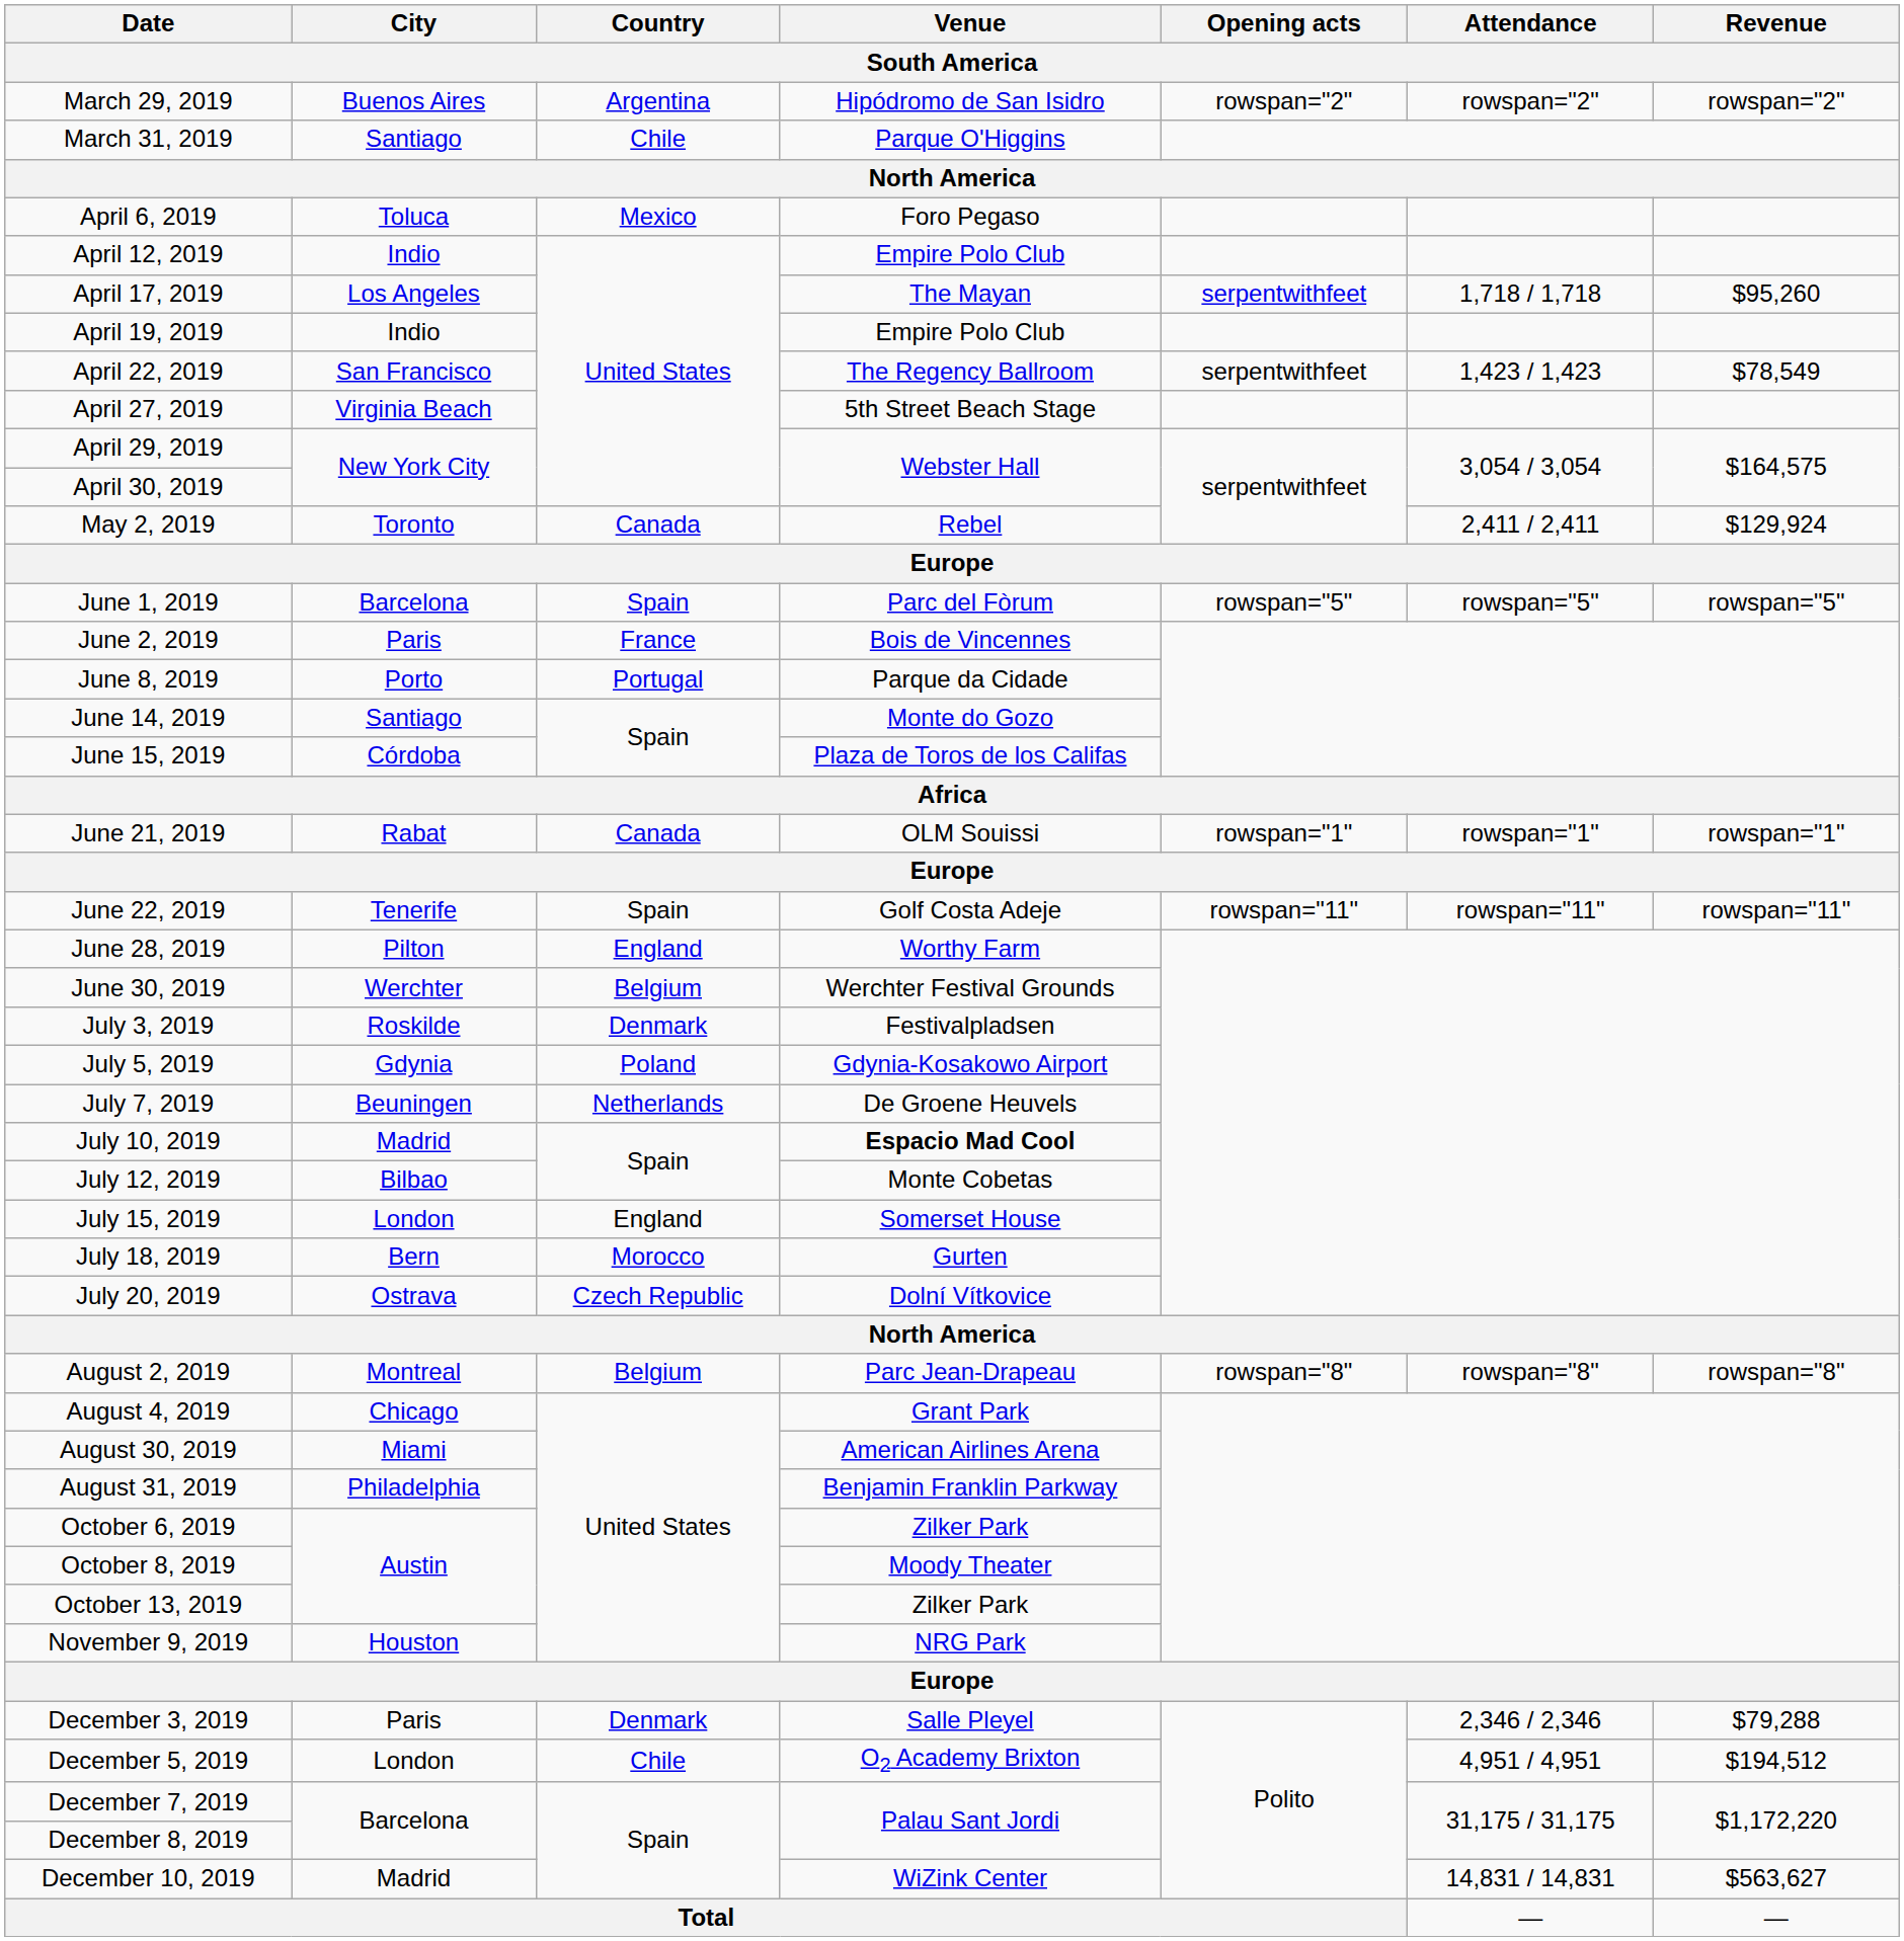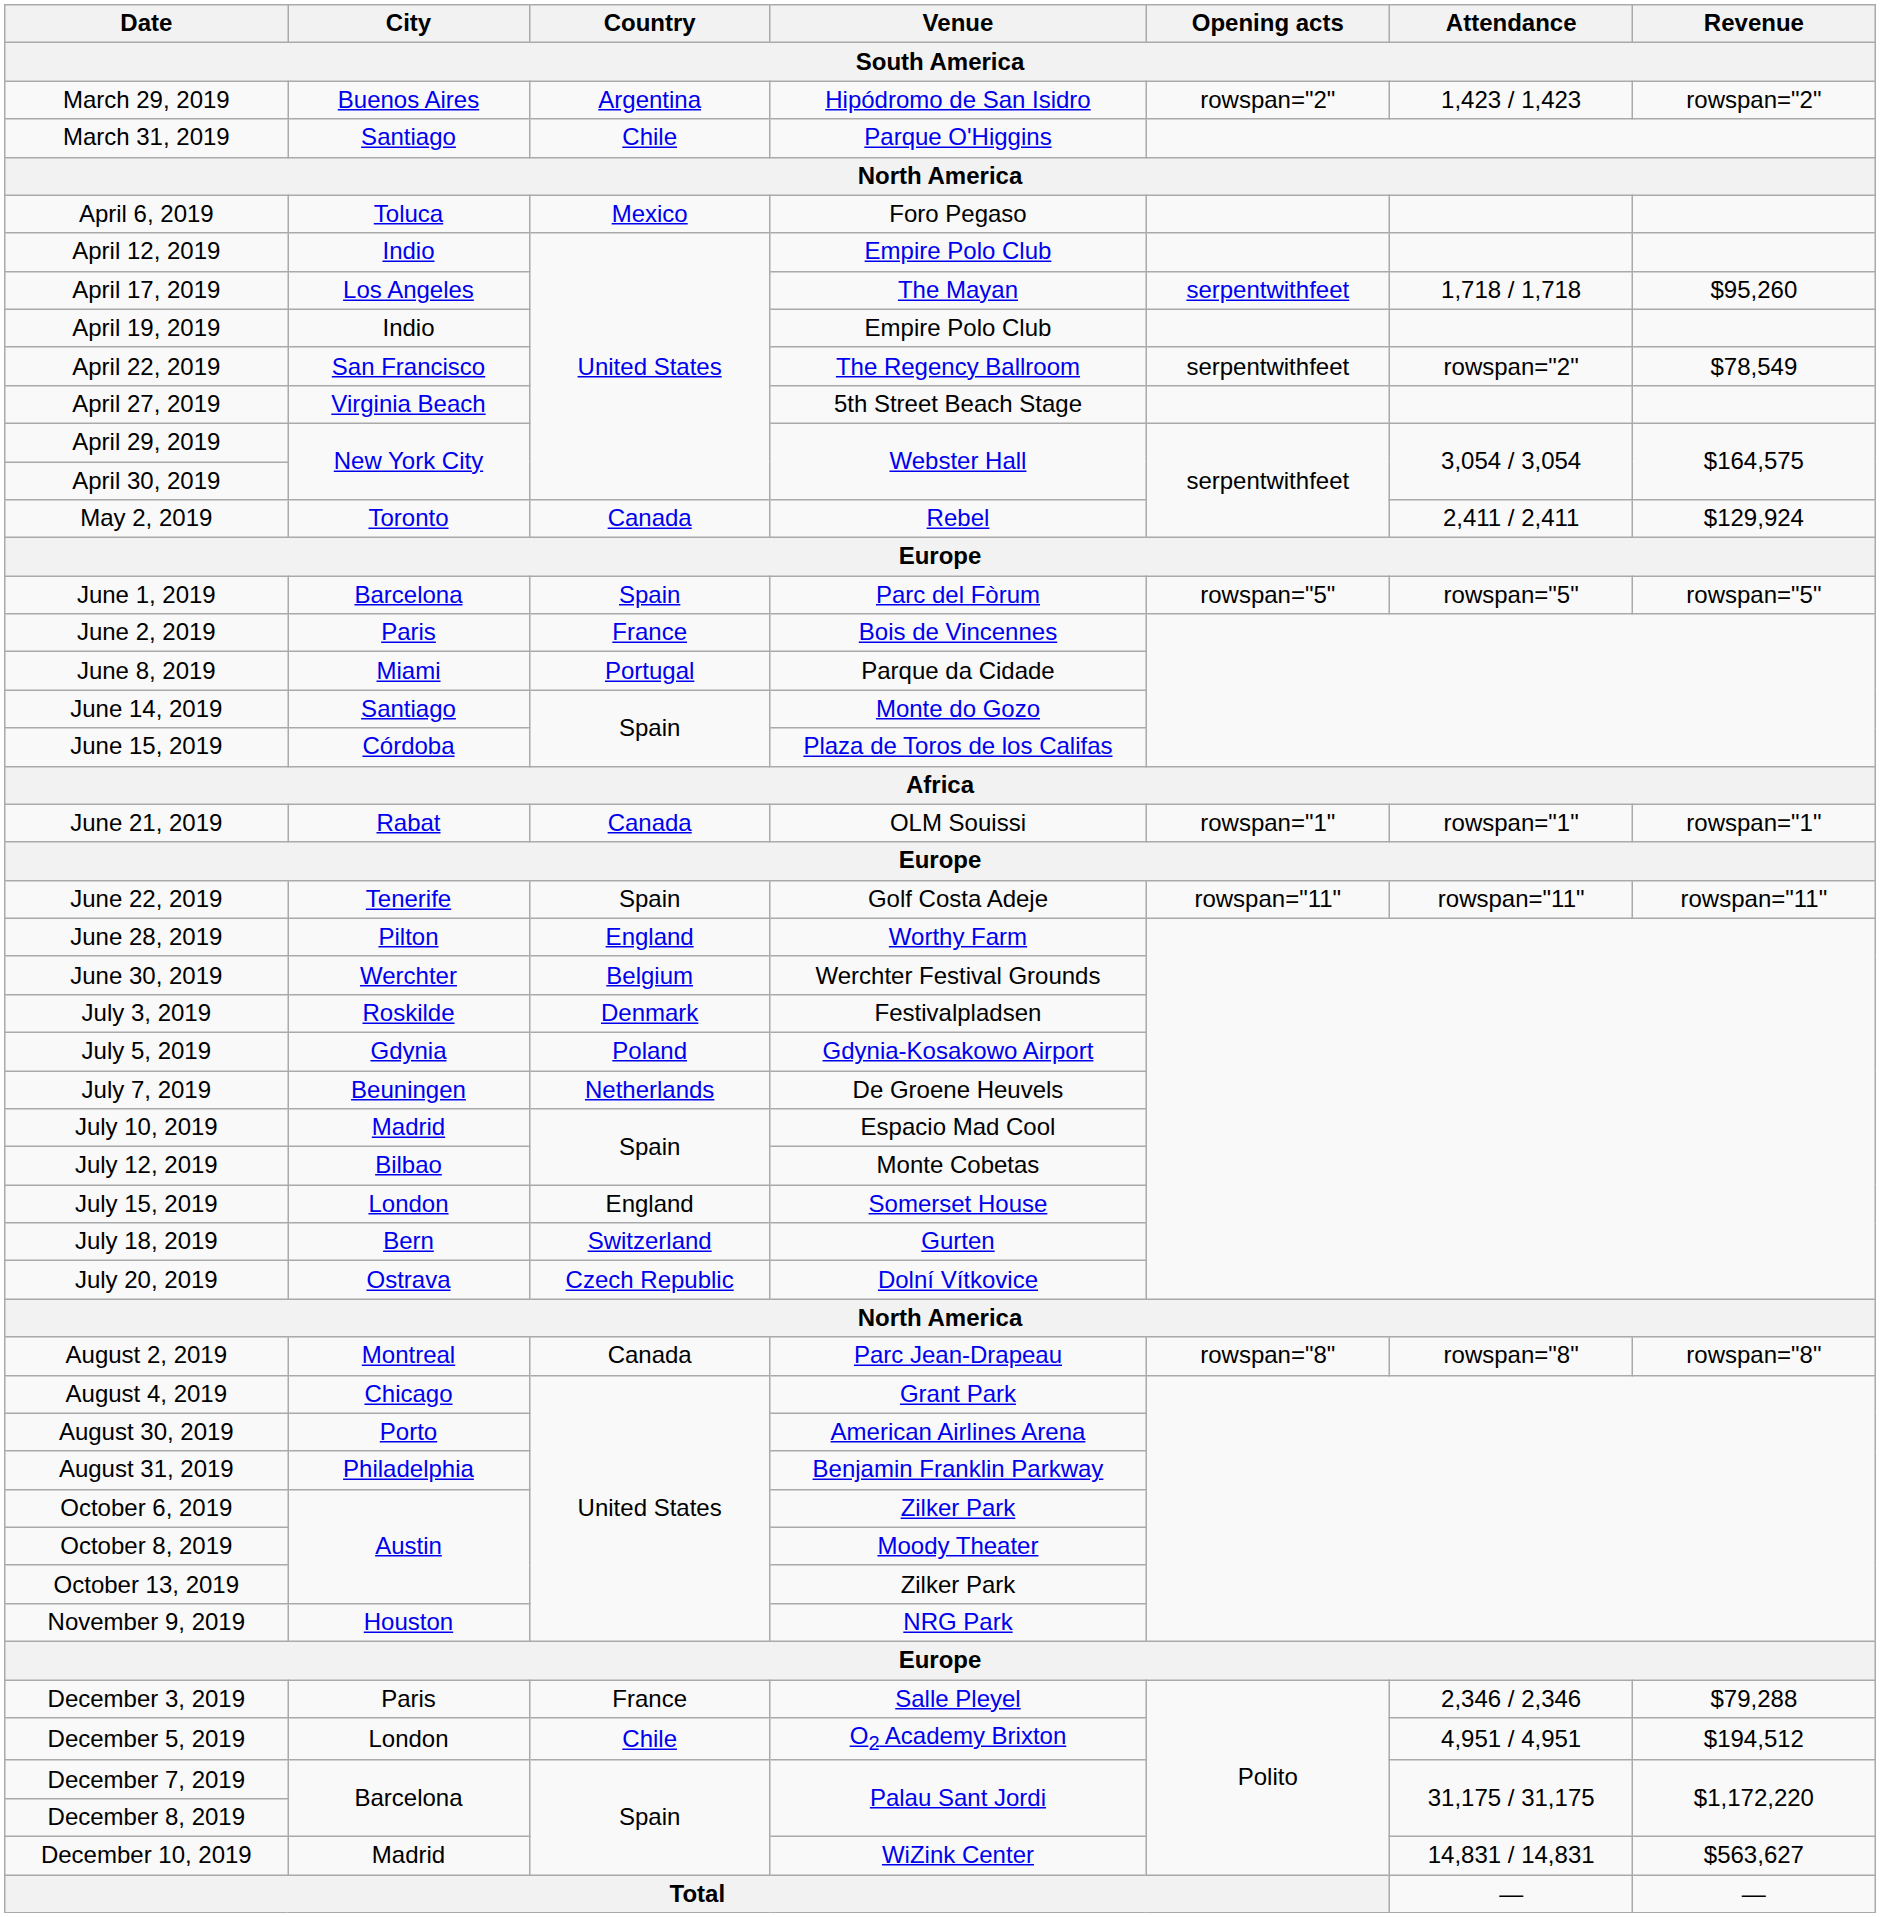 <table class="wikitable plainrowheaders" style="text-align:center;">
 <tr>
 <th scope="col" style="width:12em;">Date</th>
 <th scope="col" style="width:10em;">City</th>
 <th scope="col" style="width:10em;">Country</th>
 <th scope="col" style="width:16em;">Venue</th>
 <th scope="col" style="width:10em;">Opening acts</th>
 <th scope="col" style="width:10em;">Attendance</th>
 <th scope="col" style="width:10em;">Revenue</th>
 </tr>
 <tr>
 <th colspan="7">South America</th>
 </tr>
 <tr>
 <td>March 29, 2019</td>
 <td><a href='#'>Buenos Aires</a></td>
 <td><a href='#'>Argentina</a></td>
 <td><a href='#'>Hipódromo de San Isidro</a></td>
 <td>rowspan="2" </td>
-<td>rowspan="2" </td>
+<td>1,423 / 1,423</td>
 <td>rowspan="2" </td>
 </tr>
 <tr>
 <td>March 31, 2019</td>
 <td><a href='#'>Santiago</a></td>
 <td><a href='#'>Chile</a></td>
 <td><a href='#'>Parque O'Higgins</a></td>
 </tr>
 <tr>
 <th colspan="7">North America</th>
 </tr>
 <tr>
 <td>April 6, 2019</td>
 <td><a href='#'>Toluca</a></td>
 <td><a href='#'>Mexico</a></td>
 <td>Foro Pegaso</td>
 <td></td>
 <td></td>
 <td></td>
 </tr>
 <tr>
 <td>April 12, 2019</td>
 <td><a href='#'>Indio</a></td>
 <td rowspan="7"><a href='#'>United States</a></td>
 <td><a href='#'>Empire Polo Club</a></td>
 <td></td>
 <td></td>
 <td></td>
 </tr>
 <tr>
 <td>April 17, 2019</td>
 <td><a href='#'>Los Angeles</a></td>
 <td><a href='#'>The Mayan</a></td>
 <td><a href='#'>serpentwithfeet</a></td>
 <td>1,718 / 1,718</td>
 <td>$95,260</td>
 </tr>
 <tr>
 <td>April 19, 2019</td>
 <td>Indio</td>
 <td>Empire Polo Club</td>
 <td></td>
 <td></td>
 <td></td>
 </tr>
 <tr>
 <td>April 22, 2019</td>
 <td><a href='#'>San Francisco</a></td>
 <td><a href='#'>The Regency Ballroom</a></td>
 <td>serpentwithfeet</td>
-<td>1,423 / 1,423</td>
+<td>rowspan="2" </td>
 <td>$78,549</td>
 </tr>
 <tr>
 <td>April 27, 2019</td>
 <td><a href='#'>Virginia Beach</a></td>
 <td>5th Street Beach Stage</td>
 <td></td>
 <td></td>
 <td></td>
 </tr>
 <tr>
 <td>April 29, 2019</td>
 <td rowspan="2"><a href='#'>New York City</a></td>
 <td rowspan="2"><a href='#'>Webster Hall</a></td>
 <td rowspan="3">serpentwithfeet</td>
 <td rowspan="2">3,054 / 3,054</td>
 <td rowspan="2">$164,575</td>
 </tr>
 <tr>
 <td>April 30, 2019</td>
 </tr>
 <tr>
 <td>May 2, 2019</td>
 <td><a href='#'>Toronto</a></td>
 <td><a href='#'>Canada</a></td>
 <td><a href='#'>Rebel</a></td>
 <td>2,411 / 2,411</td>
 <td>$129,924</td>
 </tr>
 <tr>
 <th colspan="7">Europe</th>
 </tr>
 <tr>
 <td>June 1, 2019</td>
 <td><a href='#'>Barcelona</a></td>
 <td><a href='#'>Spain</a></td>
 <td><a href='#'>Parc del Fòrum</a></td>
 <td>rowspan="5" </td>
 <td>rowspan="5" </td>
 <td>rowspan="5" </td>
 </tr>
 <tr>
 <td>June 2, 2019</td>
 <td><a href='#'>Paris</a></td>
 <td><a href='#'>France</a></td>
 <td><a href='#'>Bois de Vincennes</a></td>
 </tr>
 <tr>
 <td>June 8, 2019</td>
-<td><a href='#'>Porto</a></td>
+<td><a href='#'>Miami</a></td>
 <td><a href='#'>Portugal</a></td>
 <td>Parque da Cidade</td>
 </tr>
 <tr>
 <td>June 14, 2019</td>
 <td><a href='#'>Santiago</a></td>
 <td rowspan="2">Spain</td>
 <td><a href='#'>Monte do Gozo</a></td>
 </tr>
 <tr>
 <td>June 15, 2019</td>
 <td><a href='#'>Córdoba</a></td>
 <td><a href='#'>Plaza de Toros de los Califas</a></td>
 </tr>
 <tr>
 <th colspan="7">Africa</th>
 </tr>
 <tr>
 <td>June 21, 2019</td>
 <td><a href='#'>Rabat</a></td>
 <td><a href='#'>Canada</a></td>
 <td>OLM Souissi</td>
 <td>rowspan="1" </td>
 <td>rowspan="1" </td>
 <td>rowspan="1" </td>
 </tr>
 <tr>
 <th colspan="7">Europe</th>
 </tr>
 <tr>
 <td>June 22, 2019</td>
 <td><a href='#'>Tenerife</a></td>
 <td>Spain</td>
 <td>Golf Costa Adeje</td>
 <td>rowspan="11" </td>
 <td>rowspan="11" </td>
 <td>rowspan="11" </td>
 </tr>
 <tr>
 <td>June 28, 2019</td>
 <td><a href='#'>Pilton</a></td>
 <td><a href='#'>England</a></td>
 <td><a href='#'>Worthy Farm</a></td>
 </tr>
 <tr>
 <td>June 30, 2019</td>
 <td><a href='#'>Werchter</a></td>
 <td><a href='#'>Belgium</a></td>
 <td>Werchter Festival Grounds</td>
 </tr>
 <tr>
 <td>July 3, 2019</td>
 <td><a href='#'>Roskilde</a></td>
 <td><a href='#'>Denmark</a></td>
 <td>Festivalpladsen</td>
 </tr>
 <tr>
 <td>July 5, 2019</td>
 <td><a href='#'>Gdynia</a></td>
 <td><a href='#'>Poland</a></td>
 <td><a href='#'>Gdynia-Kosakowo Airport</a></td>
 </tr>
 <tr>
 <td>July 7, 2019</td>
 <td><a href='#'>Beuningen</a></td>
 <td><a href='#'>Netherlands</a></td>
 <td>De Groene Heuvels</td>
 </tr>
 <tr>
 <td>July 10, 2019</td>
 <td><a href='#'>Madrid</a></td>
 <td rowspan="2">Spain</td>
-<td><strong>Espacio Mad Cool</strong></td>
+<td>Espacio Mad Cool</td>
 </tr>
 <tr>
 <td>July 12, 2019</td>
 <td><a href='#'>Bilbao</a></td>
 <td>Monte Cobetas</td>
 </tr>
 <tr>
 <td>July 15, 2019</td>
 <td><a href='#'>London</a></td>
 <td>England</td>
 <td><a href='#'>Somerset House</a></td>
 </tr>
 <tr>
 <td>July 18, 2019</td>
 <td><a href='#'>Bern</a></td>
-<td><a href='#'>Morocco</a></td>
+<td><a href='#'>Switzerland</a></td>
 <td><a href='#'>Gurten</a></td>
 </tr>
 <tr>
 <td>July 20, 2019</td>
 <td><a href='#'>Ostrava</a></td>
 <td><a href='#'>Czech Republic</a></td>
 <td><a href='#'>Dolní Vítkovice</a></td>
 </tr>
 <tr>
 <th colspan="7">North America</th>
 </tr>
 <tr>
 <td>August 2, 2019</td>
 <td><a href='#'>Montreal</a></td>
-<td><a href='#'>Belgium</a></td>
+<td>Canada</td>
 <td><a href='#'>Parc Jean-Drapeau</a></td>
 <td>rowspan="8" </td>
 <td>rowspan="8" </td>
 <td>rowspan="8" </td>
 </tr>
 <tr>
 <td>August 4, 2019</td>
 <td><a href='#'>Chicago</a></td>
 <td rowspan="7">United States</td>
 <td><a href='#'>Grant Park</a></td>
 </tr>
 <tr>
 <td>August 30, 2019</td>
-<td><a href='#'>Miami</a></td>
+<td><a href='#'>Porto</a></td>
 <td><a href='#'>American Airlines Arena</a></td>
 </tr>
 <tr>
 <td>August 31, 2019</td>
 <td><a href='#'>Philadelphia</a></td>
 <td><a href='#'>Benjamin Franklin Parkway</a></td>
 </tr>
 <tr>
 <td>October 6, 2019</td>
 <td rowspan="3"><a href='#'>Austin</a></td>
 <td><a href='#'>Zilker Park</a></td>
 </tr>
 <tr>
 <td>October 8, 2019</td>
 <td><a href='#'>Moody Theater</a></td>
 </tr>
 <tr>
 <td>October 13, 2019</td>
 <td>Zilker Park</td>
 </tr>
 <tr>
 <td>November 9, 2019</td>
 <td><a href='#'>Houston</a></td>
 <td><a href='#'>NRG Park</a></td>
 </tr>
 <tr>
 <th colspan="7">Europe</th>
 </tr>
 <tr>
 <td>December 3, 2019</td>
 <td>Paris</td>
-<td><a href='#'>Denmark</a></td>
+<td>France</td>
 <td><a href='#'>Salle Pleyel</a></td>
 <td rowspan="5">Polito</td>
 <td>2,346 / 2,346</td>
 <td>$79,288</td>
 </tr>
 <tr>
 <td>December 5, 2019</td>
 <td>London</td>
 <td><a href='#'>Chile</a></td>
 <td><a href='#'>O<sub>2</sub> Academy Brixton</a></td>
 <td>4,951 / 4,951</td>
 <td>$194,512</td>
 </tr>
 <tr>
 <td>December 7, 2019</td>
 <td rowspan="2">Barcelona</td>
 <td rowspan="3">Spain</td>
 <td rowspan="2"><a href='#'>Palau Sant Jordi</a></td>
 <td rowspan="2">31,175 / 31,175</td>
 <td rowspan="2">$1,172,220</td>
 </tr>
 <tr>
 <td>December 8, 2019</td>
 </tr>
 <tr>
 <td>December 10, 2019</td>
 <td>Madrid</td>
 <td><a href='#'>WiZink Center</a></td>
 <td>14,831 / 14,831</td>
 <td>$563,627</td>
 </tr>
 <tr>
 <th colspan="5">Total</th>
 <td>—</td>
 <td>—</td>
 </tr>
 </table>
